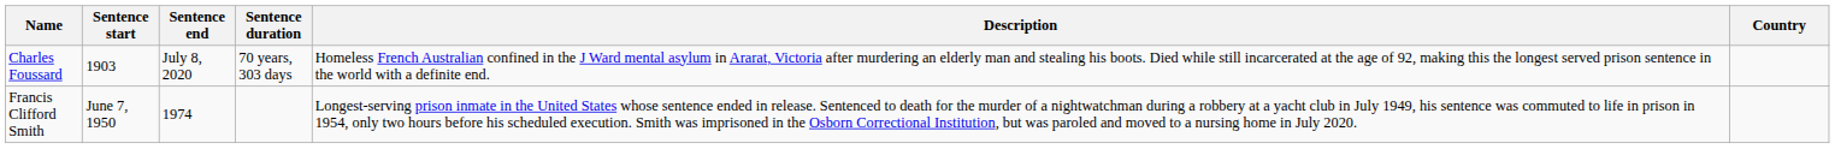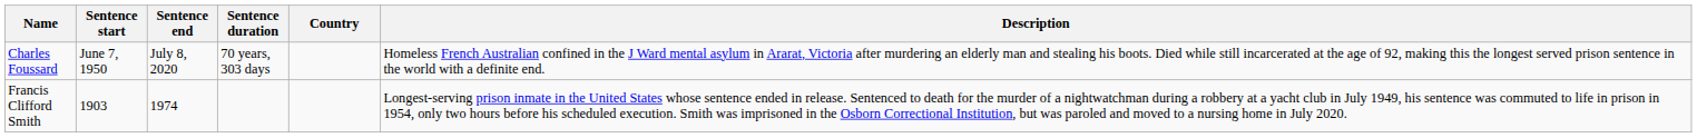 <table class="wikitable sortable" style="display: inline-table;width:100;">
 <tr>
 <th style="width:76px;">Name</th>
 <th style="width:75px;">Sentence start</th>
 <th style="width:75px;">Sentence end</th>
 <th style="width:75px;">Sentence duration</th>
+<th style="width:100px;">Country</th>
 <th class="unsortable">Description</th>
-<th style="width:100px;">Country</th>
 </tr>
 <tr>
 <td><a href='#'>Charles Foussard</a></td>
-<td>1903</td>
+<td>June 7, 1950</td>
 <td>July 8, 2020</td>
 <td>70 years, 303 days</td>
+<td> </td>
 <td>Homeless <a href='#'>French Australian</a> confined in the <a href='#'>J Ward mental asylum</a> in <a href='#'>Ararat, Victoria</a> after murdering an elderly man and stealing his boots. Died while still incarcerated at the age of 92, making this the longest served prison sentence in the world with a definite end.</td>
-<td> </td>
 </tr>
 <tr>
 <td>Francis Clifford Smith</td>
-<td>June 7, 1950</td>
+<td>1903</td>
 <td>1974</td>
 <td></td>
+<td> </td>
 <td>Longest-serving <a href='#'>prison inmate in the United States</a> whose sentence ended in release. Sentenced to death for the murder of a nightwatchman during a robbery at a yacht club in July 1949, his sentence was commuted to life in prison in 1954, only two hours before his scheduled execution. Smith was imprisoned in the <a href='#'>Osborn Correctional Institution</a>, but was paroled and moved to a nursing home in July 2020.</td>
-<td> </td>
 </tr>
 </table>
